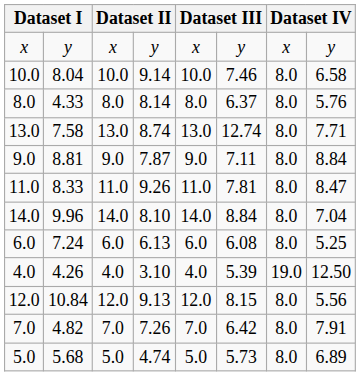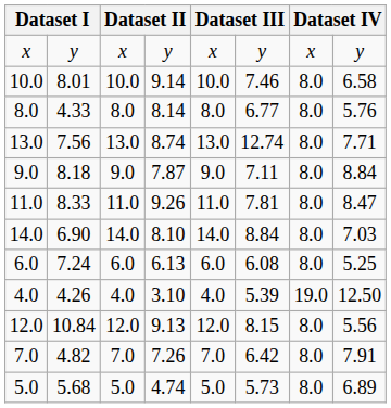 <table class="wikitable" style="text-align: center">
 <tr>
 <th colspan="2">Dataset I</th>
 <th colspan="2">Dataset II</th>
 <th colspan="2">Dataset III</th>
 <th colspan="2">Dataset IV</th>
 </tr>
 <tr>
 <td><em>x</em></td>
 <td><em>y</em></td>
 <td><em>x</em></td>
 <td><em>y</em></td>
 <td><em>x</em></td>
 <td><em>y</em></td>
 <td><em>x</em></td>
 <td><em>y</em></td>
 </tr>
 <tr>
 <td>10.0</td>
-<td>8.04</td>
+<td>8.01</td>
 <td>10.0</td>
 <td>9.14</td>
 <td>10.0</td>
 <td>7.46</td>
 <td>8.0</td>
 <td>6.58</td>
 </tr>
 <tr>
 <td>8.0</td>
 <td>4.33</td>
 <td>8.0</td>
 <td>8.14</td>
 <td>8.0</td>
-<td>6.37</td>
+<td>6.77</td>
 <td>8.0</td>
 <td>5.76</td>
 </tr>
 <tr>
 <td>13.0</td>
-<td>7.58</td>
+<td>7.56</td>
 <td>13.0</td>
 <td>8.74</td>
 <td>13.0</td>
 <td>12.74</td>
 <td>8.0</td>
 <td>7.71</td>
 </tr>
 <tr>
 <td>9.0</td>
-<td>8.81</td>
+<td>8.18</td>
 <td>9.0</td>
 <td>7.87</td>
 <td>9.0</td>
 <td>7.11</td>
 <td>8.0</td>
 <td>8.84</td>
 </tr>
 <tr>
 <td>11.0</td>
 <td>8.33</td>
 <td>11.0</td>
 <td>9.26</td>
 <td>11.0</td>
 <td>7.81</td>
 <td>8.0</td>
 <td>8.47</td>
 </tr>
 <tr>
 <td>14.0</td>
-<td>9.96</td>
+<td>6.90</td>
 <td>14.0</td>
 <td>8.10</td>
 <td>14.0</td>
 <td>8.84</td>
 <td>8.0</td>
-<td>7.04</td>
+<td>7.03</td>
 </tr>
 <tr>
 <td>6.0</td>
 <td>7.24</td>
 <td>6.0</td>
 <td>6.13</td>
 <td>6.0</td>
 <td>6.08</td>
 <td>8.0</td>
 <td>5.25</td>
 </tr>
 <tr>
 <td>4.0</td>
 <td>4.26</td>
 <td>4.0</td>
 <td>3.10</td>
 <td>4.0</td>
 <td>5.39</td>
 <td>19.0</td>
 <td>12.50</td>
 </tr>
 <tr>
 <td>12.0</td>
 <td>10.84</td>
 <td>12.0</td>
 <td>9.13</td>
 <td>12.0</td>
 <td>8.15</td>
 <td>8.0</td>
 <td>5.56</td>
 </tr>
 <tr>
 <td>7.0</td>
 <td>4.82</td>
 <td>7.0</td>
 <td>7.26</td>
 <td>7.0</td>
 <td>6.42</td>
 <td>8.0</td>
 <td>7.91</td>
 </tr>
 <tr>
 <td>5.0</td>
 <td>5.68</td>
 <td>5.0</td>
 <td>4.74</td>
 <td>5.0</td>
 <td>5.73</td>
 <td>8.0</td>
 <td>6.89</td>
 </tr>
 </table>
